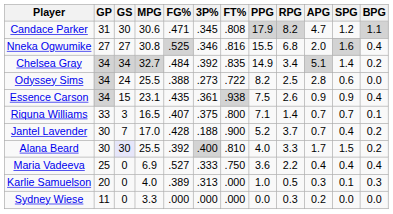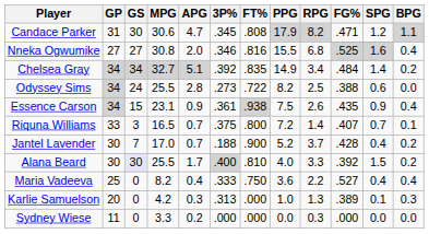 <table class="wikitable sortable" style="text-align:center;">
 <tr>
 <th>Player</th>
 <th>GP</th>
 <th>GS</th>
 <th>MPG</th>
-<th>FG%</th>
+<th>APG</th>
 <th>3P%</th>
 <th>FT%</th>
 <th>PPG</th>
 <th>RPG</th>
-<th>APG</th>
+<th>FG%</th>
 <th>SPG</th>
 <th>BPG</th>
 </tr>
 <tr>
 <td><a href='#'>Candace Parker</a></td>
 <td>31</td>
 <td>30</td>
 <td>30.6</td>
-<td>.471</td>
+<td>4.7</td>
 <td>.345</td>
 <td>.808</td>
 <td style="background:#D3D3D3;">17.9</td>
 <td style="background:#D3D3D3;">8.2</td>
-<td>4.7</td>
+<td>.471</td>
 <td>1.2</td>
 <td style="background:#D3D3D3;">1.1</td>
 </tr>
 <tr>
 <td><a href='#'>Nneka Ogwumike</a></td>
 <td>27</td>
 <td>27</td>
 <td>30.8</td>
-<td style="background:#D3D3D3;">.525</td>
+<td>2.0</td>
 <td>.346</td>
 <td>.816</td>
 <td>15.5</td>
 <td>6.8</td>
-<td>2.0</td>
+<td style="background:#D3D3D3;">.525</td>
 <td style="background:#D3D3D3;">1.6</td>
 <td>0.4</td>
 </tr>
 <tr>
 <td><a href='#'>Chelsea Gray</a></td>
 <td style="background:#D3D3D3;">34</td>
 <td style="background:#D3D3D3;">34</td>
 <td style="background:#D3D3D3;">32.7</td>
-<td>.484</td>
+<td style="background:#D3D3D3;">5.1</td>
 <td>.392</td>
 <td>.835</td>
 <td>14.9</td>
 <td>3.4</td>
-<td style="background:#D3D3D3;">5.1</td>
+<td>.484</td>
 <td>1.4</td>
 <td>0.2</td>
 </tr>
 <tr>
 <td><a href='#'>Odyssey Sims</a></td>
 <td style="background:#D3D3D3;">34</td>
 <td>24</td>
 <td>25.5</td>
-<td>.388</td>
+<td>2.8</td>
 <td>.273</td>
 <td>.722</td>
 <td>8.2</td>
 <td>2.5</td>
-<td>2.8</td>
+<td>.388</td>
 <td>0.6</td>
 <td>0.0</td>
 </tr>
 <tr>
 <td><a href='#'>Essence Carson</a></td>
 <td style="background:#D3D3D3;">34</td>
 <td>15</td>
 <td>23.1</td>
-<td>.435</td>
+<td>0.9</td>
 <td>.361</td>
 <td style="background:#D3D3D3;">.938</td>
 <td>7.5</td>
 <td>2.6</td>
-<td>0.9</td>
+<td>.435</td>
 <td>0.9</td>
 <td>0.4</td>
 </tr>
 <tr>
 <td><a href='#'>Riquna Williams</a></td>
 <td>33</td>
 <td>3</td>
 <td>16.5</td>
-<td>.407</td>
+<td>0.7</td>
 <td>.375</td>
 <td>.800</td>
-<td>7.1</td>
+<td>7.2</td>
 <td>1.4</td>
-<td>0.7</td>
+<td>.407</td>
 <td>0.7</td>
 <td>0.1</td>
 </tr>
 <tr>
 <td><a href='#'>Jantel Lavender</a></td>
 <td>30</td>
 <td>7</td>
 <td>17.0</td>
-<td>.428</td>
+<td>0.7</td>
 <td>.188</td>
 <td>.900</td>
 <td>5.2</td>
 <td>3.7</td>
-<td>0.7</td>
+<td>.428</td>
 <td>0.4</td>
 <td>0.2</td>
 </tr>
 <tr>
 <td><a href='#'>Alana Beard</a></td>
 <td>30</td>
 <td style="background: lavender;">30</td>
 <td>25.5</td>
-<td>.392</td>
+<td>1.7</td>
 <td style="background:#D3D3D3;">.400</td>
 <td>.810</td>
 <td>4.0</td>
 <td>3.3</td>
-<td>1.7</td>
+<td>.392</td>
 <td>1.5</td>
 <td>0.2</td>
 </tr>
 <tr>
 <td><a href='#'>Maria Vadeeva</a></td>
 <td>25</td>
 <td>0</td>
-<td>6.9</td>
-<td>.527</td>
+<td>8.2</td>
+<td>0.4</td>
 <td>.333</td>
 <td>.750</td>
 <td>3.6</td>
 <td>2.2</td>
-<td>0.4</td>
+<td>.527</td>
 <td>0.4</td>
 <td>0.4</td>
 </tr>
 <tr>
 <td><a href='#'>Karlie Samuelson</a></td>
 <td>20</td>
 <td>0</td>
-<td>4.0</td>
-<td>.389</td>
+<td>4.2</td>
+<td>0.3</td>
 <td>.313</td>
 <td>.000</td>
 <td>1.0</td>
-<td>0.5</td>
-<td>0.3</td>
+<td>1.3</td>
+<td>.389</td>
 <td>0.1</td>
 <td>0.3</td>
 </tr>
 <tr>
 <td><a href='#'>Sydney Wiese</a></td>
 <td>11</td>
 <td>0</td>
 <td>3.3</td>
-<td>.000</td>
+<td>0.2</td>
 <td>.000</td>
 <td>.000</td>
 <td>0.0</td>
 <td>0.3</td>
-<td>0.2</td>
+<td>.000</td>
 <td>0.0</td>
 <td>0.0</td>
 </tr>
 </table>
